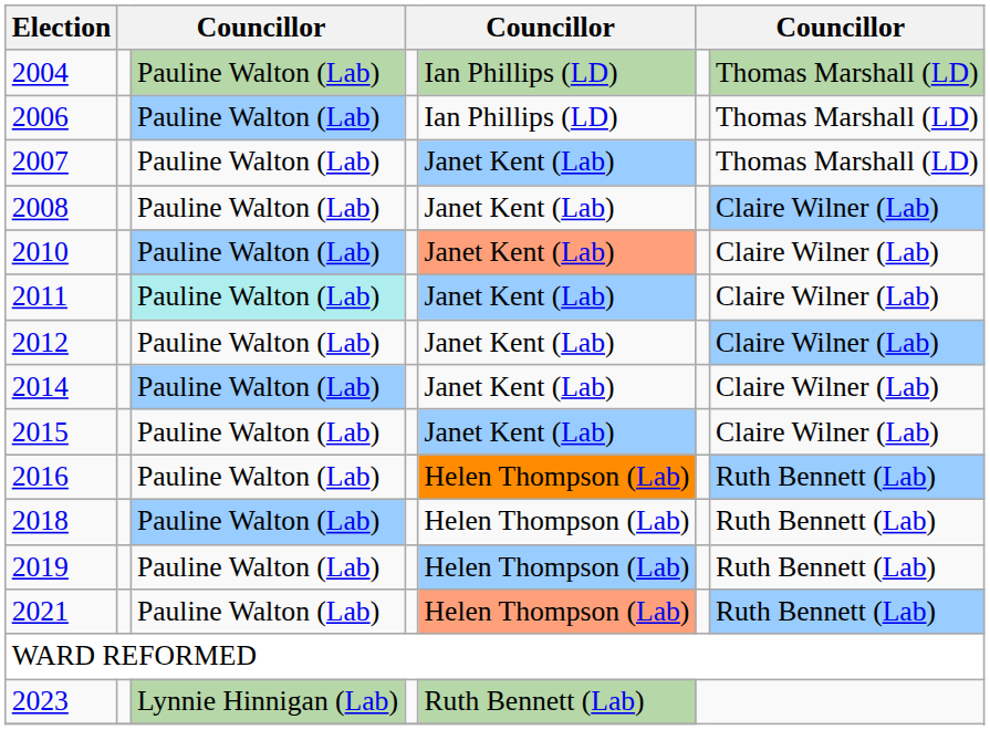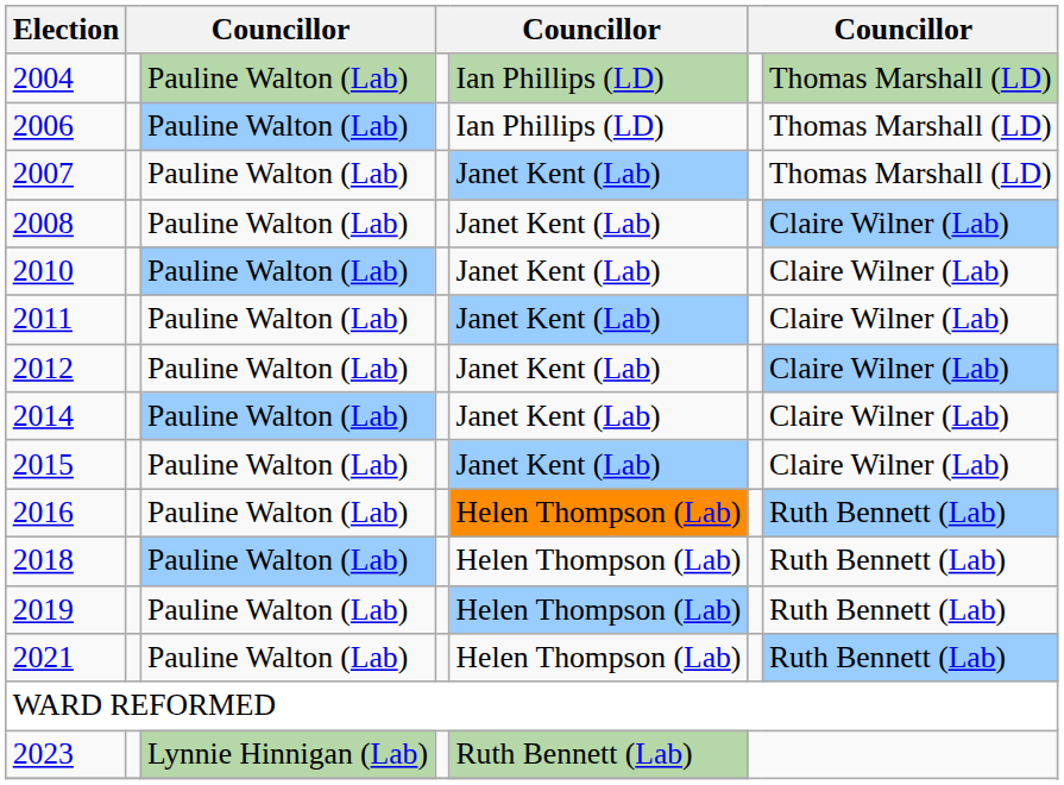 <table class="wikitable">
 <tr>
 <th>Election</th>
 <th colspan="2">Councillor</th>
 <th colspan="2">Councillor</th>
 <th colspan="2">Councillor</th>
 </tr>
 <tr>
 <td><a href='#'>2004</a></td>
 <td style="background-color: "></td>
 <td bgcolor="#B6D7A8">Pauline Walton (<a href='#'>Lab</a>)</td>
 <td style="background-color: "></td>
 <td bgcolor="#B6D7A8">Ian Phillips (<a href='#'>LD</a>)</td>
 <td style="background-color: "></td>
 <td bgcolor="#B6D7A8">Thomas Marshall (<a href='#'>LD</a>)</td>
 </tr>
 <tr>
 <td><a href='#'>2006</a></td>
 <td style="background-color: "></td>
 <td bgcolor="#99CCFF">Pauline Walton (<a href='#'>Lab</a>)</td>
 <td style="background-color: "></td>
 <td>Ian Phillips (<a href='#'>LD</a>)</td>
 <td style="background-color: "></td>
 <td>Thomas Marshall (<a href='#'>LD</a>)</td>
 </tr>
 <tr>
 <td><a href='#'>2007</a></td>
 <td style="background-color: "></td>
 <td>Pauline Walton (<a href='#'>Lab</a>)</td>
 <td style="background-color: "></td>
 <td bgcolor="#99CCFF">Janet Kent (<a href='#'>Lab</a>)</td>
 <td style="background-color: "></td>
 <td>Thomas Marshall (<a href='#'>LD</a>)</td>
 </tr>
 <tr>
 <td><a href='#'>2008</a></td>
 <td style="background-color: "></td>
 <td>Pauline Walton (<a href='#'>Lab</a>)</td>
 <td style="background-color: "></td>
 <td>Janet Kent (<a href='#'>Lab</a>)</td>
 <td style="background-color: "></td>
 <td bgcolor="#99CCFF">Claire Wilner (<a href='#'>Lab</a>)</td>
 </tr>
 <tr>
 <td><a href='#'>2010</a></td>
 <td style="background-color: "></td>
 <td bgcolor="#99CCFF">Pauline Walton (<a href='#'>Lab</a>)</td>
 <td style="background-color: "></td>
-<td style="background: lightsalmon;">Janet Kent (<a href='#'>Lab</a>)</td>
+<td>Janet Kent (<a href='#'>Lab</a>)</td>
 <td style="background-color: "></td>
 <td>Claire Wilner (<a href='#'>Lab</a>)</td>
 </tr>
 <tr>
 <td><a href='#'>2011</a></td>
 <td style="background-color: "></td>
-<td style="background: paleturquoise;">Pauline Walton (<a href='#'>Lab</a>)</td>
+<td>Pauline Walton (<a href='#'>Lab</a>)</td>
 <td style="background-color: "></td>
 <td bgcolor="#99CCFF">Janet Kent (<a href='#'>Lab</a>)</td>
 <td style="background-color: "></td>
 <td>Claire Wilner (<a href='#'>Lab</a>)</td>
 </tr>
 <tr>
 <td><a href='#'>2012</a></td>
 <td style="background-color: "></td>
 <td>Pauline Walton (<a href='#'>Lab</a>)</td>
 <td style="background-color: "></td>
 <td>Janet Kent (<a href='#'>Lab</a>)</td>
 <td style="background-color: "></td>
 <td bgcolor="#99CCFF">Claire Wilner (<a href='#'>Lab</a>)</td>
 </tr>
 <tr>
 <td><a href='#'>2014</a></td>
 <td style="background-color: "></td>
 <td bgcolor="#99CCFF">Pauline Walton (<a href='#'>Lab</a>)</td>
 <td style="background-color: "></td>
 <td>Janet Kent (<a href='#'>Lab</a>)</td>
 <td style="background-color: "></td>
 <td>Claire Wilner (<a href='#'>Lab</a>)</td>
 </tr>
 <tr>
 <td><a href='#'>2015</a></td>
 <td style="background-color: "></td>
 <td>Pauline Walton (<a href='#'>Lab</a>)</td>
 <td style="background-color: "></td>
 <td bgcolor="#99CCFF">Janet Kent (<a href='#'>Lab</a>)</td>
 <td style="background-color: "></td>
 <td>Claire Wilner (<a href='#'>Lab</a>)</td>
 </tr>
 <tr>
 <td><a href='#'>2016</a></td>
 <td style="background-color: "></td>
 <td>Pauline Walton (<a href='#'>Lab</a>)</td>
 <td style="background-color: "></td>
 <td bgcolor="#FF8C00">Helen Thompson (<a href='#'>Lab</a>)</td>
 <td style="background-color: "></td>
 <td bgcolor="#99CCFF">Ruth Bennett (<a href='#'>Lab</a>)</td>
 </tr>
 <tr>
 <td><a href='#'>2018</a></td>
 <td style="background-color: "></td>
 <td bgcolor="#99CCFF">Pauline Walton (<a href='#'>Lab</a>)</td>
 <td style="background-color: "></td>
 <td>Helen Thompson (<a href='#'>Lab</a>)</td>
 <td style="background-color: "></td>
 <td>Ruth Bennett (<a href='#'>Lab</a>)</td>
 </tr>
 <tr>
 <td><a href='#'>2019</a></td>
 <td style="background-color: "></td>
 <td>Pauline Walton (<a href='#'>Lab</a>)</td>
 <td style="background-color: "></td>
 <td bgcolor="#99CCFF">Helen Thompson (<a href='#'>Lab</a>)</td>
 <td style="background-color: "></td>
 <td>Ruth Bennett (<a href='#'>Lab</a>)</td>
 </tr>
 <tr>
 <td><a href='#'>2021</a></td>
 <td style="background-color: "></td>
 <td>Pauline Walton (<a href='#'>Lab</a>)</td>
 <td style="background-color: "></td>
-<td style="background: lightsalmon;">Helen Thompson (<a href='#'>Lab</a>)</td>
+<td>Helen Thompson (<a href='#'>Lab</a>)</td>
 <td style="background-color: "></td>
 <td bgcolor="#99CCFF">Ruth Bennett (<a href='#'>Lab</a>)</td>
 </tr>
 <tr>
 <td colspan="8" bgcolor="#FFF"><div>WARD REFORMED</div></td>
 </tr>
 <tr>
 <td><a href='#'>2023</a></td>
 <td style="background-color: "></td>
 <td bgcolor="#B6D7A8">Lynnie Hinnigan (<a href='#'>Lab</a>)</td>
 <td style="background-color: "></td>
 <td bgcolor="#B6D7A8">Ruth Bennett (<a href='#'>Lab</a>)</td>
 </tr>
 <tr>
 </tr>
 </table>
